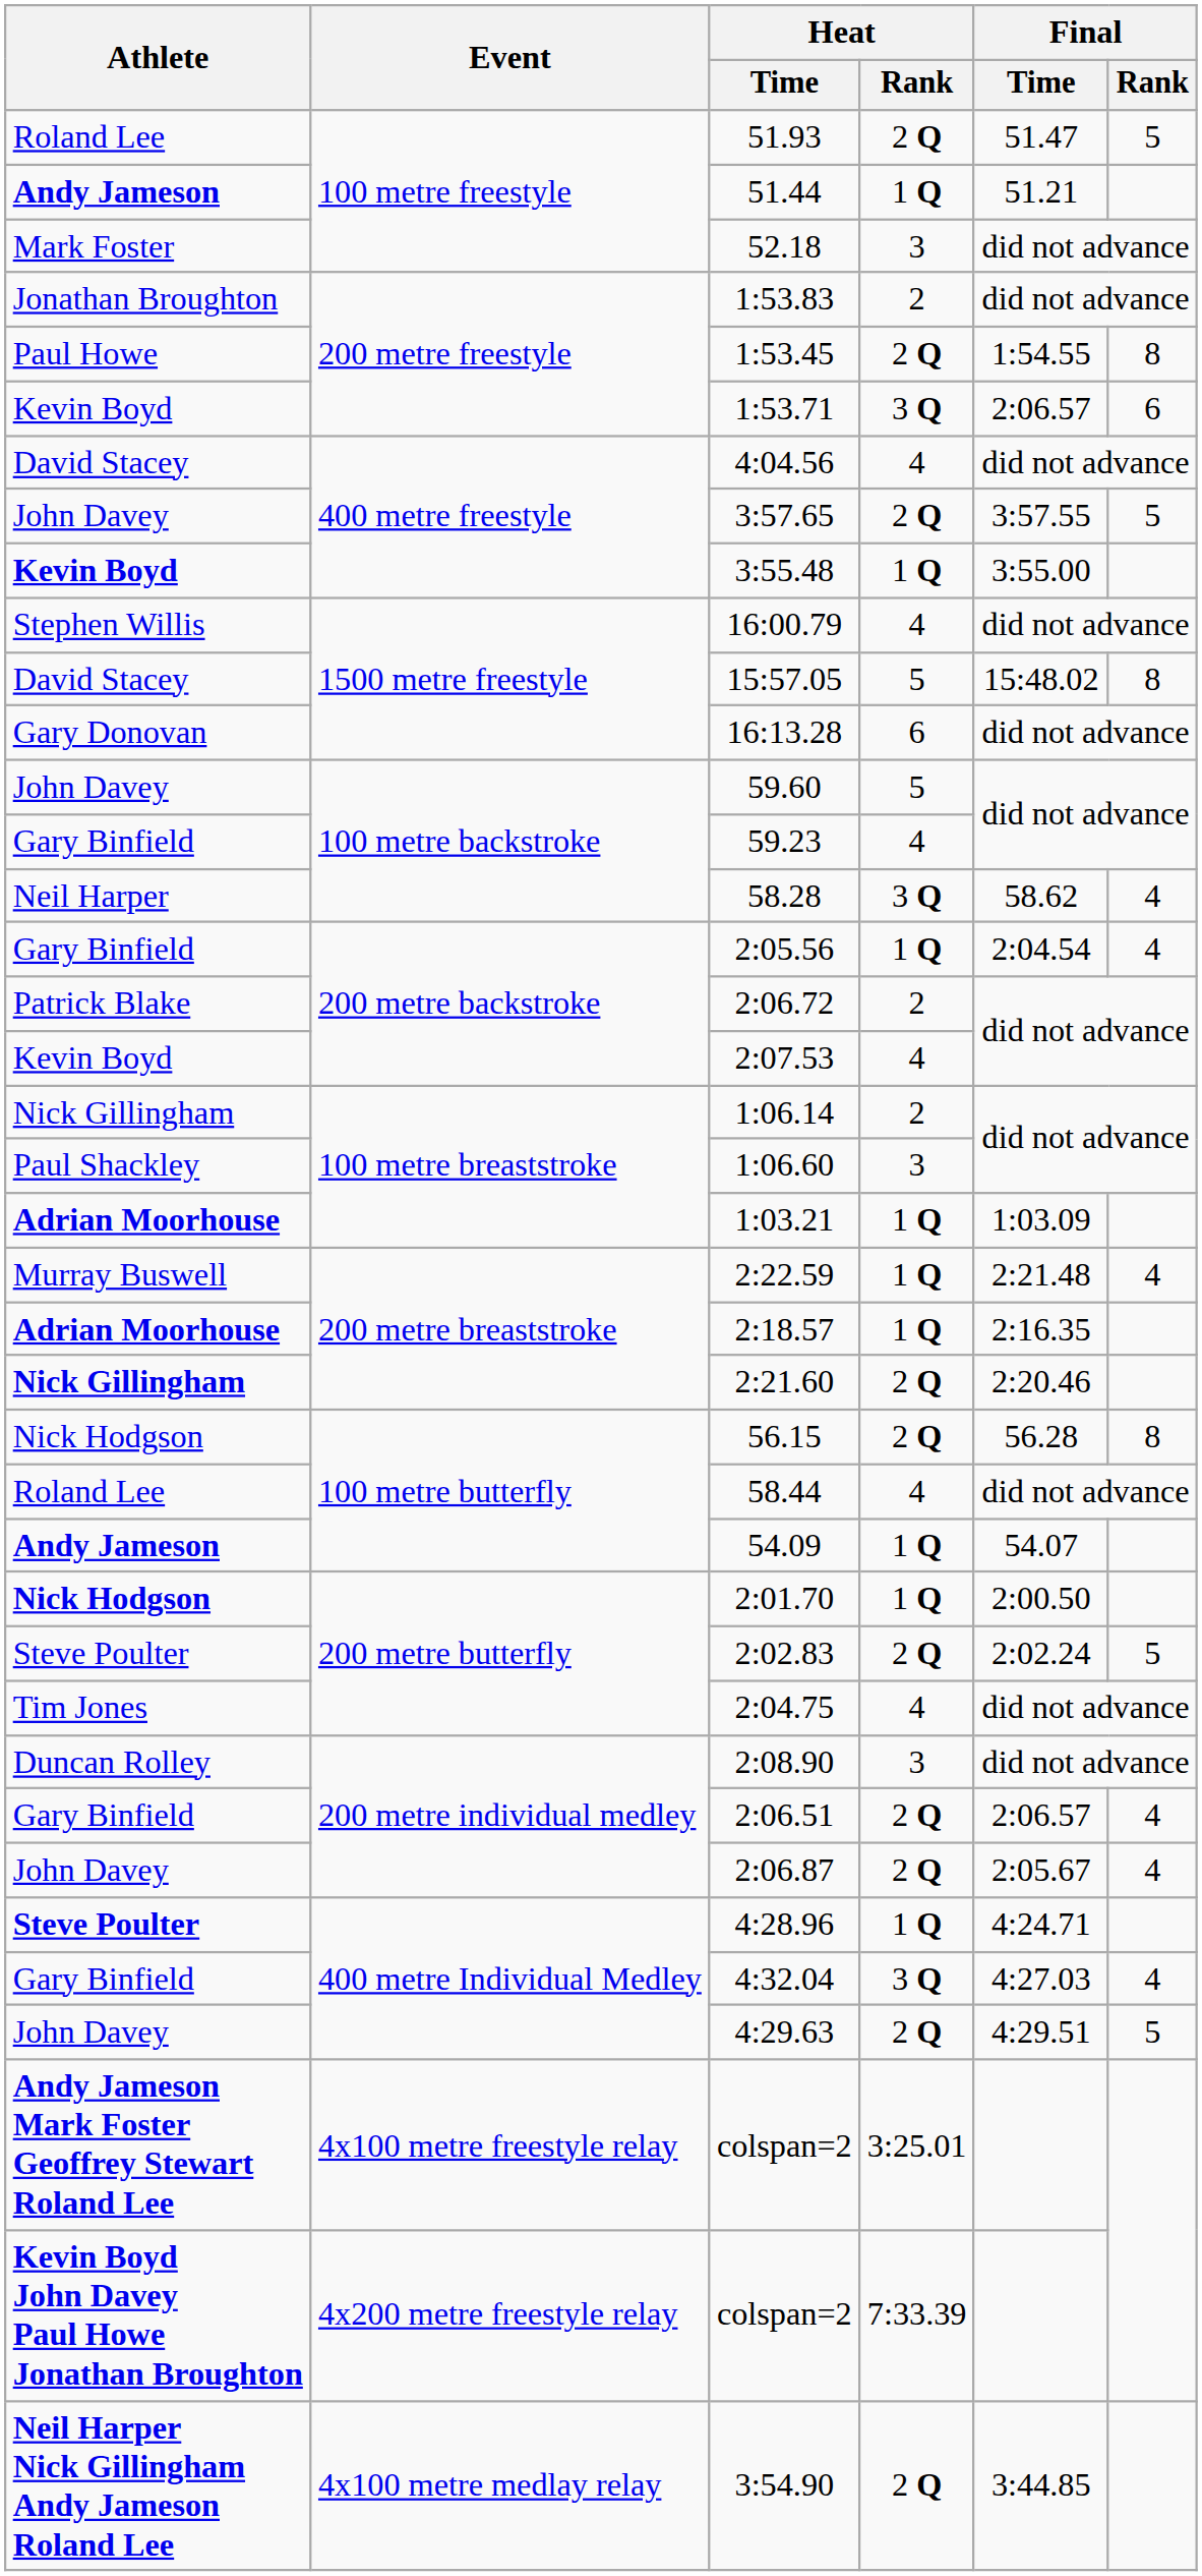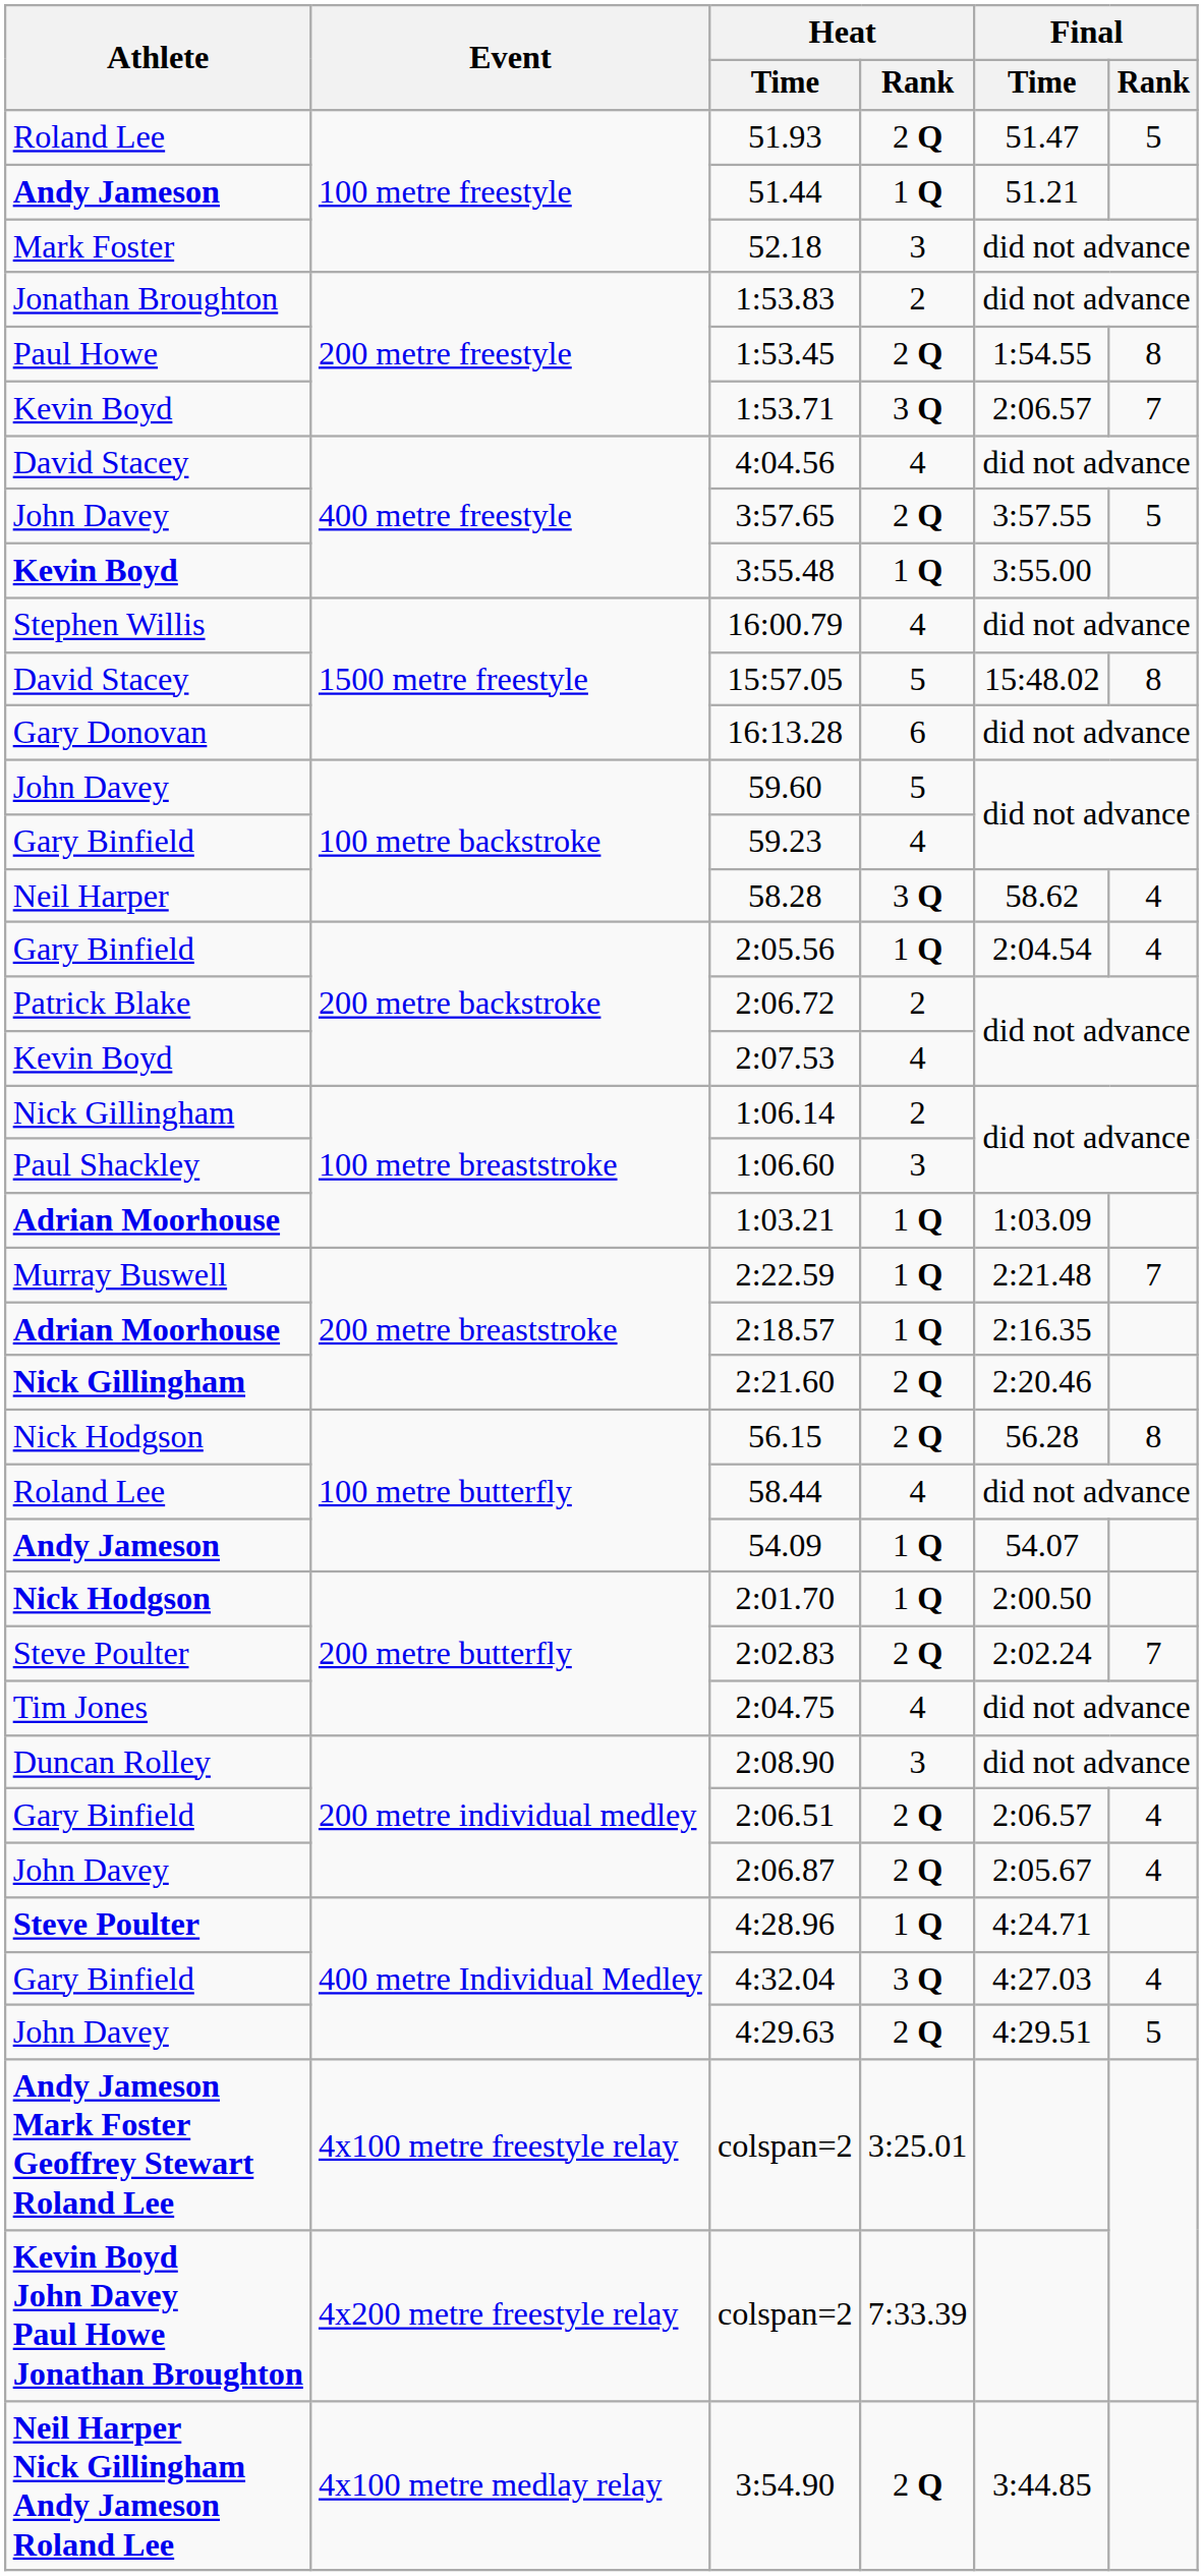 <table class=wikitable style=font-size:90%>
 <tr>
 <th rowspan=2>Athlete</th>
 <th rowspan=2>Event</th>
 <th colspan=2>Heat</th>
 <th colspan=2>Final</th>
 </tr>
 <tr style=font-size:95%>
 <th>Time</th>
 <th>Rank</th>
 <th>Time</th>
 <th>Rank</th>
 </tr>
 <tr align=center>
 <td align=left><a href='#'>Roland Lee</a></td>
 <td align=left rowspan=3><a href='#'>100 metre freestyle</a></td>
 <td>51.93</td>
 <td>2 <strong>Q</strong></td>
 <td>51.47</td>
 <td>5</td>
 </tr>
 <tr align=center>
 <td align=left><strong><a href='#'>Andy Jameson</a></strong></td>
 <td>51.44</td>
 <td>1 <strong>Q</strong></td>
 <td>51.21</td>
 <td></td>
 </tr>
 <tr align=center>
 <td align=left><a href='#'>Mark Foster</a></td>
 <td>52.18</td>
 <td>3</td>
 <td colspan=2>did not advance</td>
 </tr>
 <tr align=center>
 <td align=left><a href='#'>Jonathan Broughton</a></td>
 <td align=left rowspan=3><a href='#'>200 metre freestyle</a></td>
 <td>1:53.83</td>
 <td>2</td>
 <td colspan=2>did not advance</td>
 </tr>
 <tr align=center>
 <td align=left><a href='#'>Paul Howe</a></td>
 <td>1:53.45</td>
 <td>2 <strong>Q</strong></td>
 <td>1:54.55</td>
 <td>8</td>
 </tr>
 <tr align=center>
 <td align=left><a href='#'>Kevin Boyd</a></td>
 <td>1:53.71</td>
 <td>3 <strong>Q</strong></td>
 <td>2:06.57</td>
-<td>6</td>
+<td>7</td>
 </tr>
 <tr align=center>
 <td align=left><a href='#'>David Stacey</a></td>
 <td align=left rowspan=3><a href='#'>400 metre freestyle</a></td>
 <td>4:04.56</td>
 <td>4</td>
 <td colspan=2>did not advance</td>
 </tr>
 <tr align=center>
 <td align=left><a href='#'>John Davey</a></td>
 <td>3:57.65</td>
 <td>2 <strong>Q</strong></td>
 <td>3:57.55</td>
 <td>5</td>
 </tr>
 <tr align=center>
 <td align=left><strong><a href='#'>Kevin Boyd</a></strong></td>
 <td>3:55.48</td>
 <td>1 <strong>Q</strong></td>
 <td>3:55.00</td>
 <td></td>
 </tr>
 <tr align=center>
 <td align=left><a href='#'>Stephen Willis</a></td>
 <td align=left rowspan=3><a href='#'>1500 metre freestyle</a></td>
 <td>16:00.79</td>
 <td>4</td>
 <td colspan=2>did not advance</td>
 </tr>
 <tr align=center>
 <td align=left><a href='#'>David Stacey</a></td>
 <td>15:57.05</td>
 <td>5</td>
 <td>15:48.02</td>
 <td>8</td>
 </tr>
 <tr align=center>
 <td align=left><a href='#'>Gary Donovan</a></td>
 <td>16:13.28</td>
 <td>6</td>
 <td colspan=2>did not advance</td>
 </tr>
 <tr align=center>
 <td align=left><a href='#'>John Davey</a></td>
 <td align=left rowspan=3><a href='#'>100 metre backstroke</a></td>
 <td>59.60</td>
 <td>5</td>
 <td colspan=2 rowspan=2>did not advance</td>
 </tr>
 <tr align=center>
 <td align=left><a href='#'>Gary Binfield</a></td>
 <td>59.23</td>
 <td>4</td>
 </tr>
 <tr align=center>
 <td align=left><a href='#'>Neil Harper</a></td>
 <td>58.28</td>
 <td>3 <strong>Q</strong></td>
 <td>58.62</td>
 <td>4</td>
 </tr>
 <tr align=center>
 <td align=left><a href='#'>Gary Binfield</a></td>
 <td align=left rowspan=3><a href='#'>200 metre backstroke</a></td>
 <td>2:05.56</td>
 <td>1 <strong>Q</strong></td>
 <td>2:04.54</td>
 <td>4</td>
 </tr>
 <tr align=center>
 <td align=left><a href='#'>Patrick Blake</a></td>
 <td>2:06.72</td>
 <td>2</td>
 <td colspan=2 rowspan=2>did not advance</td>
 </tr>
 <tr align=center>
 <td align=left><a href='#'>Kevin Boyd</a></td>
 <td>2:07.53</td>
 <td>4</td>
 </tr>
 <tr align=center>
 <td align=left><a href='#'>Nick Gillingham</a></td>
 <td align=left rowspan=3><a href='#'>100 metre breaststroke</a></td>
 <td>1:06.14</td>
 <td>2</td>
 <td colspan=2 rowspan=2>did not advance</td>
 </tr>
 <tr align=center>
 <td align=left><a href='#'>Paul Shackley</a></td>
 <td>1:06.60</td>
 <td>3</td>
 </tr>
 <tr align=center>
 <td align=left><strong><a href='#'>Adrian Moorhouse</a></strong></td>
 <td>1:03.21</td>
 <td>1 <strong>Q</strong></td>
 <td>1:03.09</td>
 <td></td>
 </tr>
 <tr align=center>
 <td align=left><a href='#'>Murray Buswell</a></td>
 <td align=left rowspan=3><a href='#'>200 metre breaststroke</a></td>
 <td>2:22.59</td>
 <td>1 <strong>Q</strong></td>
 <td>2:21.48</td>
-<td>4</td>
+<td>7</td>
 </tr>
 <tr align=center>
 <td align=left><strong><a href='#'>Adrian Moorhouse</a></strong></td>
 <td>2:18.57</td>
 <td>1 <strong>Q</strong></td>
 <td>2:16.35</td>
 <td></td>
 </tr>
 <tr align=center>
 <td align=left><strong><a href='#'>Nick Gillingham</a></strong></td>
 <td>2:21.60</td>
 <td>2 <strong>Q</strong></td>
 <td>2:20.46</td>
 <td></td>
 </tr>
 <tr align=center>
 <td align=left><a href='#'>Nick Hodgson</a></td>
 <td align=left rowspan=3><a href='#'>100 metre butterfly</a></td>
 <td>56.15</td>
 <td>2 <strong>Q</strong></td>
 <td>56.28</td>
 <td>8</td>
 </tr>
 <tr align=center>
 <td align=left><a href='#'>Roland Lee</a></td>
 <td>58.44</td>
 <td>4</td>
 <td colspan=2>did not advance</td>
 </tr>
 <tr align=center>
 <td align=left><strong><a href='#'>Andy Jameson</a></strong></td>
 <td>54.09</td>
 <td>1 <strong>Q</strong></td>
 <td>54.07</td>
 <td></td>
 </tr>
 <tr align=center>
 <td align=left><strong><a href='#'>Nick Hodgson</a></strong></td>
 <td align=left rowspan=3><a href='#'>200 metre butterfly</a></td>
 <td>2:01.70</td>
 <td>1 <strong>Q</strong></td>
 <td>2:00.50</td>
 <td></td>
 </tr>
 <tr align=center>
 <td align=left><a href='#'>Steve Poulter</a></td>
 <td>2:02.83</td>
 <td>2 <strong>Q</strong></td>
 <td>2:02.24</td>
-<td>5</td>
+<td>7</td>
 </tr>
 <tr align=center>
 <td align=left><a href='#'>Tim Jones</a></td>
 <td>2:04.75</td>
 <td>4</td>
 <td colspan=2>did not advance</td>
 </tr>
 <tr align=center>
 <td align=left><a href='#'>Duncan Rolley</a></td>
 <td align=left rowspan=3><a href='#'>200 metre individual medley</a></td>
 <td>2:08.90</td>
 <td>3</td>
 <td colspan=2>did not advance</td>
 </tr>
 <tr align=center>
 <td align=left><a href='#'>Gary Binfield</a></td>
 <td>2:06.51</td>
 <td>2 <strong>Q</strong></td>
 <td>2:06.57</td>
 <td>4</td>
 </tr>
 <tr align=center>
 <td align=left><a href='#'>John Davey</a></td>
 <td>2:06.87</td>
 <td>2 <strong>Q</strong></td>
 <td>2:05.67</td>
 <td>4</td>
 </tr>
 <tr align=center>
 <td align=left><strong><a href='#'>Steve Poulter</a></strong></td>
 <td align=left rowspan=3><a href='#'>400 metre Individual Medley</a></td>
 <td>4:28.96</td>
 <td>1 <strong>Q</strong></td>
 <td>4:24.71</td>
 <td></td>
 </tr>
 <tr align=center>
 <td align=left><a href='#'>Gary Binfield</a></td>
 <td>4:32.04</td>
 <td>3 <strong>Q</strong></td>
 <td>4:27.03</td>
 <td>4</td>
 </tr>
 <tr align=center>
 <td align=left><a href='#'>John Davey</a></td>
 <td>4:29.63</td>
 <td>2 <strong>Q</strong></td>
 <td>4:29.51</td>
 <td>5</td>
 </tr>
 <tr align=center>
 <td align=left><strong><a href='#'>Andy Jameson</a></strong><br><strong><a href='#'>Mark Foster</a></strong><br><strong><a href='#'>Geoffrey Stewart</a></strong><br><strong><a href='#'>Roland Lee</a></strong></td>
 <td align=left><a href='#'>4x100 metre freestyle relay</a></td>
 <td>colspan=2 </td>
 <td>3:25.01</td>
 <td></td>
 </tr>
 <tr align=center>
 <td align=left><strong><a href='#'>Kevin Boyd</a></strong><br><strong><a href='#'>John Davey</a></strong><br><strong><a href='#'>Paul Howe</a></strong><br><strong><a href='#'>Jonathan Broughton</a></strong></td>
 <td align=left><a href='#'>4x200 metre freestyle relay</a></td>
 <td>colspan=2 </td>
 <td>7:33.39</td>
 <td></td>
 </tr>
 <tr align=center>
 <td align=left><strong><a href='#'>Neil Harper</a></strong><br><strong><a href='#'>Nick Gillingham</a></strong><br><strong><a href='#'>Andy Jameson</a></strong><br><strong><a href='#'>Roland Lee</a></strong></td>
 <td align=left><a href='#'>4x100 metre medlay relay</a></td>
 <td>3:54.90</td>
 <td>2 <strong>Q</strong></td>
 <td>3:44.85</td>
 <td></td>
 </tr>
 </table>
